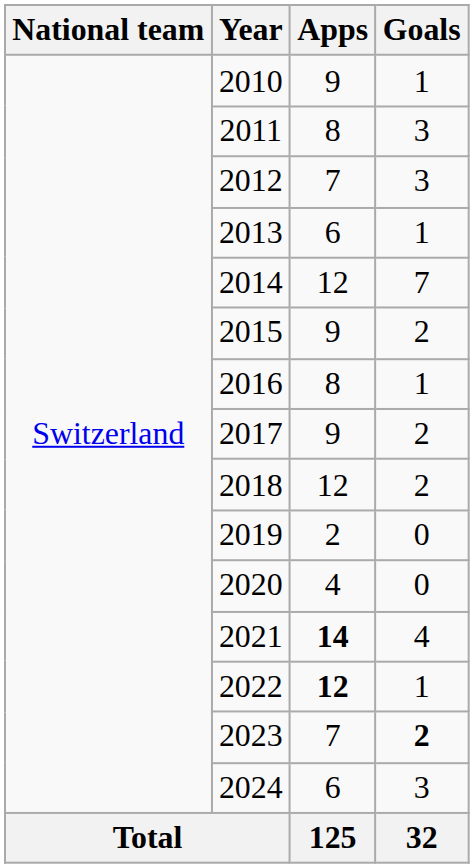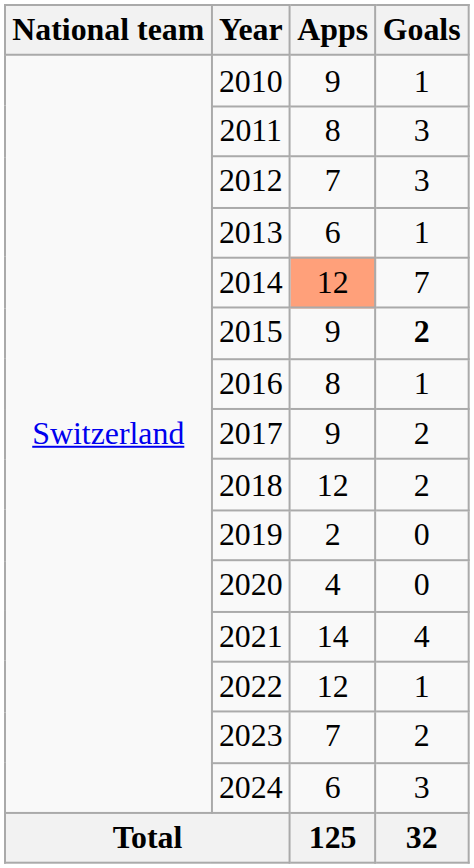 <table class="wikitable" style="text-align:center">
 <tr>
 <th>National team</th>
 <th>Year</th>
 <th>Apps</th>
 <th>Goals</th>
 </tr>
 <tr>
 <td rowspan="15"><a href='#'>Switzerland</a></td>
 <td>2010</td>
 <td>9</td>
 <td>1</td>
 </tr>
 <tr>
 <td>2011</td>
 <td>8</td>
 <td>3</td>
 </tr>
 <tr>
 <td>2012</td>
 <td>7</td>
 <td>3</td>
 </tr>
 <tr>
 <td>2013</td>
 <td>6</td>
 <td>1</td>
 </tr>
 <tr>
 <td>2014</td>
-<td>12</td>
+<td style="background: lightsalmon;">12</td>
 <td>7</td>
 </tr>
 <tr>
 <td>2015</td>
 <td>9</td>
-<td>2</td>
+<td><strong>2</strong></td>
 </tr>
 <tr>
 <td>2016</td>
 <td>8</td>
 <td>1</td>
 </tr>
 <tr>
 <td>2017</td>
 <td>9</td>
 <td>2</td>
 </tr>
 <tr>
 <td>2018</td>
 <td>12</td>
 <td>2</td>
 </tr>
 <tr>
 <td>2019</td>
 <td>2</td>
 <td>0</td>
 </tr>
 <tr>
 <td>2020</td>
 <td>4</td>
 <td>0</td>
 </tr>
 <tr>
 <td>2021</td>
-<td><strong>14</strong></td>
+<td>14</td>
 <td>4</td>
 </tr>
 <tr>
 <td>2022</td>
-<td><strong>12</strong></td>
+<td>12</td>
 <td>1</td>
 </tr>
 <tr>
 <td>2023</td>
 <td>7</td>
-<td><strong>2</strong></td>
+<td>2</td>
 </tr>
 <tr>
 <td>2024</td>
 <td>6</td>
 <td>3</td>
 </tr>
 <tr>
 <th colspan="2">Total</th>
 <th>125</th>
 <th>32</th>
 </tr>
 </table>
